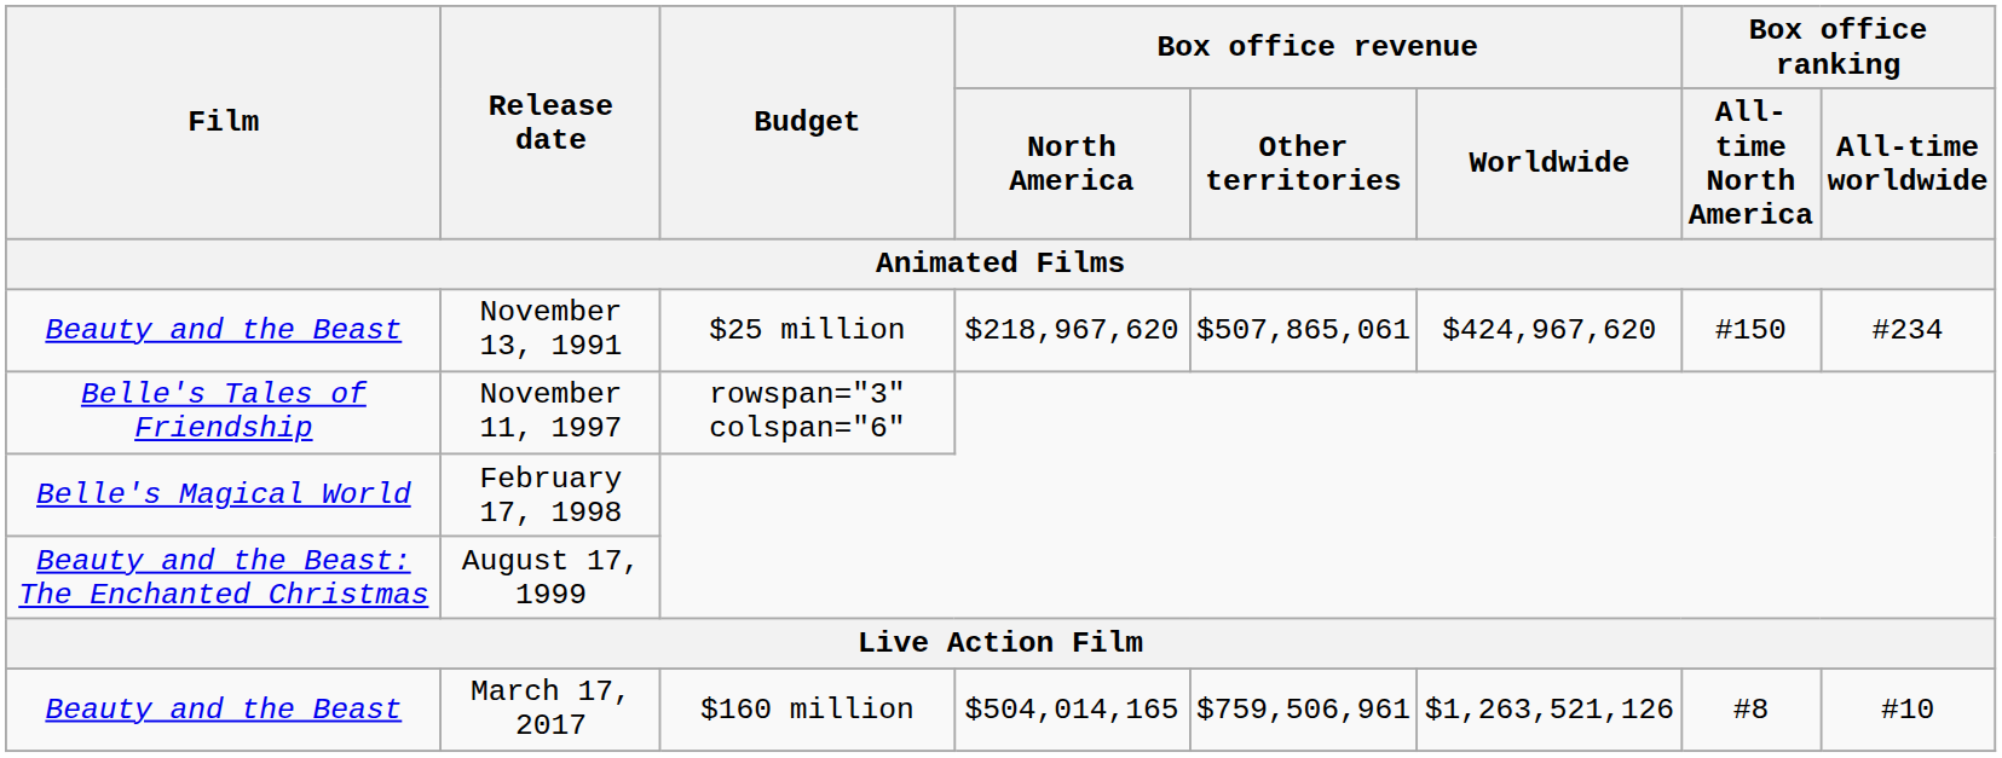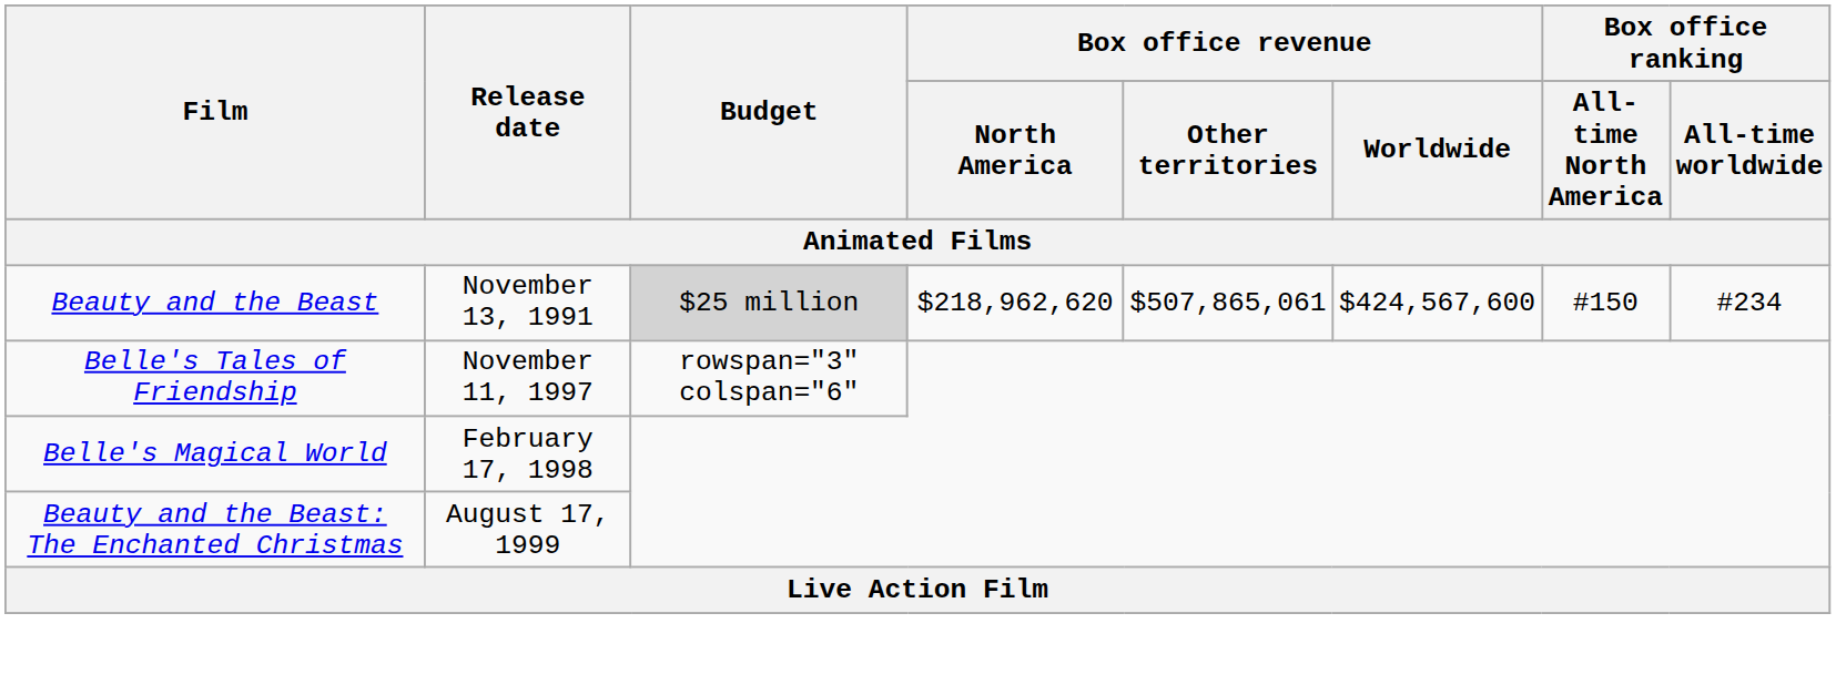 <table class="wikitable sortable" style="text-align:center;">
 <tr>
 <th rowspan="2">Film</th>
 <th rowspan="2">Release date</th>
 <th rowspan="2">Budget</th>
 <th colspan="3">Box office revenue</th>
 <th colspan="2">Box office ranking</th>
 </tr>
 <tr>
 <th>North America</th>
 <th>Other<br>territories</th>
 <th>Worldwide</th>
 <th style="width:5%;">All-time<br>North America</th>
 <th style="width:5%;">All-time<br>worldwide</th>
 </tr>
 <tr>
 <th colspan="8">Animated Films</th>
 </tr>
 <tr>
 <td><em><a href='#'>Beauty and the Beast</a></em></td>
 <td>November 13, 1991</td>
-<td>$25 million</td>
-<td>$218,967,620</td>
+<td style="background: lightgrey;">$25 million</td>
+<td>$218,962,620</td>
 <td>$507,865,061</td>
-<td>$424,967,620</td>
+<td>$424,567,600</td>
 <td>#150</td>
 <td>#234</td>
 </tr>
 <tr>
 <td><em><a href='#'>Belle's Tales of Friendship</a></em></td>
 <td>November 11, 1997</td>
 <td>rowspan="3" colspan="6" </td>
 </tr>
 <tr>
 <td><em><a href='#'>Belle's Magical World</a></em></td>
 <td>February 17, 1998</td>
 </tr>
 <tr>
 <td><em><a href='#'>Beauty and the Beast: The Enchanted Christmas</a></em></td>
 <td>August 17, 1999</td>
 </tr>
 <tr>
 <th colspan="8">Live Action Film</th>
 </tr>
-<tr>
-<td><em><a href='#'>Beauty and the Beast</a></em></td>
-<td>March 17, 2017</td>
-<td>$160 million</td>
-<td>$504,014,165</td>
-<td>$759,506,961</td>
-<td>$1,263,521,126</td>
-<td>#8</td>
-<td>#10</td>
-</tr>
 </table>
